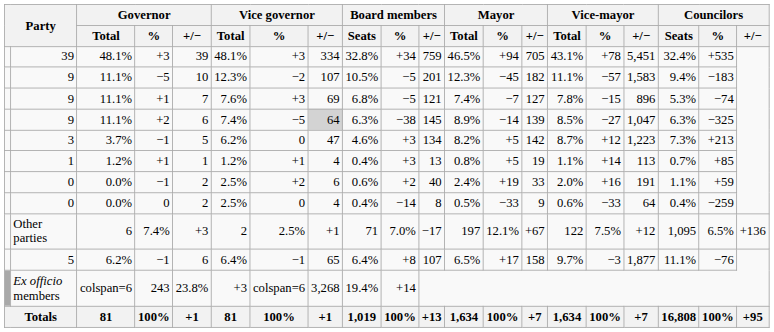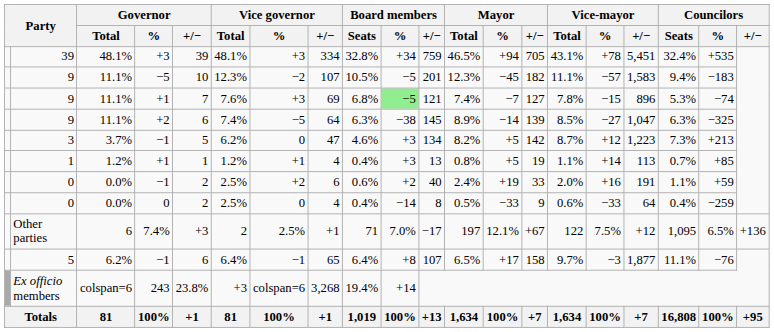 <table class=wikitable style="text-align:right; font-size:90%;">
 <tr>
 <th rowspan=2 colspan=2>Party</th>
 <th colspan=3>Governor</th>
 <th colspan=3>Vice governor</th>
 <th colspan=3>Board members</th>
 <th colspan=3>Mayor</th>
 <th colspan=3>Vice-mayor</th>
 <th colspan=3>Councilors</th>
 </tr>
 <tr>
 <th>Total</th>
 <th>%</th>
 <th>+/−</th>
 <th>Total</th>
 <th>%</th>
 <th>+/−</th>
 <th>Seats</th>
 <th>%</th>
 <th>+/−</th>
 <th>Total</th>
 <th>%</th>
 <th>+/−</th>
 <th>Total</th>
 <th>%</th>
 <th>+/−</th>
 <th>Seats</th>
 <th>%</th>
 <th>+/−</th>
 </tr>
 <tr>
 <td></td>
 <td>39</td>
 <td>48.1%</td>
 <td>+3</td>
 <td>39</td>
 <td>48.1%</td>
 <td>+3</td>
 <td>334</td>
 <td>32.8%</td>
 <td>+34</td>
 <td>759</td>
 <td>46.5%</td>
 <td>+94</td>
 <td>705</td>
 <td>43.1%</td>
 <td>+78</td>
 <td>5,451</td>
 <td>32.4%</td>
 <td>+535</td>
 </tr>
 <tr>
 <td></td>
 <td>9</td>
 <td>11.1%</td>
 <td>−5</td>
 <td>10</td>
 <td>12.3%</td>
 <td>−2</td>
 <td>107</td>
 <td>10.5%</td>
 <td>−5</td>
 <td>201</td>
 <td>12.3%</td>
 <td>−45</td>
 <td>182</td>
 <td>11.1%</td>
 <td>−57</td>
 <td>1,583</td>
 <td>9.4%</td>
 <td>−183</td>
 </tr>
 <tr>
 <td></td>
 <td>9</td>
 <td>11.1%</td>
 <td>+1</td>
 <td>7</td>
 <td>7.6%</td>
 <td>+3</td>
 <td>69</td>
 <td>6.8%</td>
-<td>−5</td>
+<td style="background: lightgreen;">−5</td>
 <td>121</td>
 <td>7.4%</td>
 <td>−7</td>
 <td>127</td>
 <td>7.8%</td>
 <td>−15</td>
 <td>896</td>
 <td>5.3%</td>
 <td>−74</td>
 </tr>
 <tr>
 <td></td>
 <td>9</td>
 <td>11.1%</td>
 <td>+2</td>
 <td>6</td>
 <td>7.4%</td>
 <td>−5</td>
-<td style="background: lightgrey;">64</td>
+<td>64</td>
 <td>6.3%</td>
 <td>−38</td>
 <td>145</td>
 <td>8.9%</td>
 <td>−14</td>
 <td>139</td>
 <td>8.5%</td>
 <td>−27</td>
 <td>1,047</td>
 <td>6.3%</td>
 <td>−325</td>
 </tr>
 <tr>
 <td></td>
 <td>3</td>
 <td>3.7%</td>
 <td>−1</td>
 <td>5</td>
 <td>6.2%</td>
 <td>0</td>
 <td>47</td>
 <td>4.6%</td>
 <td>+3</td>
 <td>134</td>
 <td>8.2%</td>
 <td>+5</td>
 <td>142</td>
 <td>8.7%</td>
 <td>+12</td>
 <td>1,223</td>
 <td>7.3%</td>
 <td>+213</td>
 </tr>
 <tr>
 <td></td>
 <td>1</td>
 <td>1.2%</td>
 <td>+1</td>
 <td>1</td>
 <td>1.2%</td>
 <td>+1</td>
 <td>4</td>
 <td>0.4%</td>
 <td>+3</td>
 <td>13</td>
 <td>0.8%</td>
 <td>+5</td>
 <td>19</td>
 <td>1.1%</td>
 <td>+14</td>
 <td>113</td>
 <td>0.7%</td>
 <td>+85</td>
 </tr>
 <tr>
 <td></td>
 <td>0</td>
 <td>0.0%</td>
 <td>−1</td>
 <td>2</td>
 <td>2.5%</td>
 <td>+2</td>
 <td>6</td>
 <td>0.6%</td>
 <td>+2</td>
 <td>40</td>
 <td>2.4%</td>
 <td>+19</td>
 <td>33</td>
 <td>2.0%</td>
 <td>+16</td>
 <td>191</td>
 <td>1.1%</td>
 <td>+59</td>
 </tr>
 <tr>
 <td></td>
 <td>0</td>
 <td>0.0%</td>
 <td>0</td>
 <td>2</td>
 <td>2.5%</td>
 <td>0</td>
 <td>4</td>
 <td>0.4%</td>
 <td>−14</td>
 <td>8</td>
 <td>0.5%</td>
 <td>−33</td>
 <td>9</td>
 <td>0.6%</td>
 <td>−33</td>
 <td>64</td>
 <td>0.4%</td>
 <td>−259</td>
 </tr>
 <tr>
 <td></td>
 <td align="left">Other parties</td>
 <td>6</td>
 <td>7.4%</td>
 <td>+3</td>
 <td>2</td>
 <td>2.5%</td>
 <td>+1</td>
 <td>71</td>
 <td>7.0%</td>
 <td>−17</td>
 <td>197</td>
 <td>12.1%</td>
 <td>+67</td>
 <td>122</td>
 <td>7.5%</td>
 <td>+12</td>
 <td>1,095</td>
 <td>6.5%</td>
 <td>+136</td>
 </tr>
 <tr>
 <td></td>
 <td>5</td>
 <td>6.2%</td>
 <td>−1</td>
 <td>6</td>
 <td>6.4%</td>
 <td>−1</td>
 <td>65</td>
 <td>6.4%</td>
 <td>+8</td>
 <td>107</td>
 <td>6.5%</td>
 <td>+17</td>
 <td>158</td>
 <td>9.7%</td>
 <td>−3</td>
 <td>1,877</td>
 <td>11.1%</td>
 <td>−76</td>
 </tr>
 <tr>
 <td bgcolor=darkgray></td>
 <td align="left"><em>Ex officio</em> members</td>
 <td>colspan=6 </td>
 <td>243</td>
 <td>23.8%</td>
 <td>+3</td>
 <td>colspan=6 </td>
 <td>3,268</td>
 <td>19.4%</td>
 <td>+14</td>
 </tr>
 <tr>
 <th colspan=2>Totals</th>
 <th>81</th>
 <th>100%</th>
 <th>+1</th>
 <th>81</th>
 <th>100%</th>
 <th>+1</th>
 <th>1,019</th>
 <th>100%</th>
 <th>+13</th>
 <th>1,634</th>
 <th>100%</th>
 <th>+7</th>
 <th>1,634</th>
 <th>100%</th>
 <th>+7</th>
 <th>16,808</th>
 <th>100%</th>
 <th>+95</th>
 </tr>
 </table>
